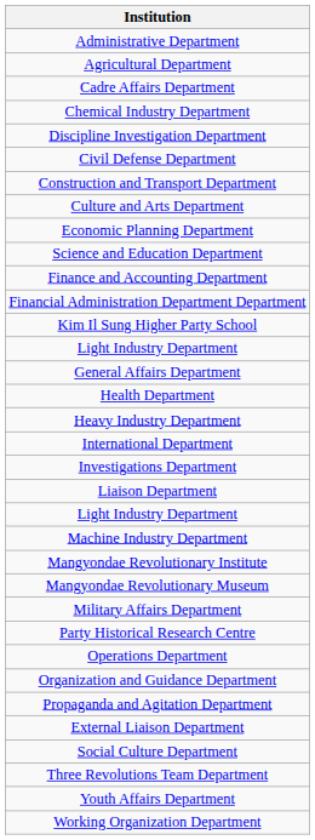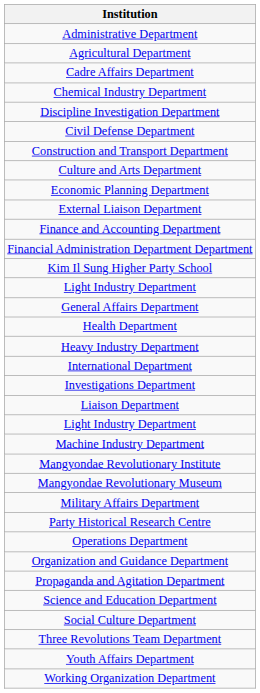 <table align="center" class="wikitable">
 <tr>
 <th>Institution</th>
 </tr>
 <tr>
 <td align="center"><a href='#'>Administrative Department</a></td>
 </tr>
 <tr>
 <td align="center"><a href='#'>Agricultural Department</a></td>
 </tr>
 <tr>
 <td align="center"><a href='#'>Cadre Affairs Department</a></td>
 </tr>
 <tr>
 <td align="center"><a href='#'>Chemical Industry Department</a></td>
 </tr>
 <tr>
 <td align="center"><a href='#'>Discipline Investigation Department</a></td>
 </tr>
 <tr>
 <td align="center"><a href='#'>Civil Defense Department</a></td>
 </tr>
 <tr>
 <td align="center"><a href='#'>Construction and Transport Department</a></td>
 </tr>
 <tr>
 <td align="center"><a href='#'>Culture and Arts Department</a></td>
 </tr>
 <tr>
 <td align="center"><a href='#'>Economic Planning Department</a></td>
 </tr>
 <tr>
-<td align="center"><a href='#'>Science and Education Department</a></td>
+<td align="center"><a href='#'>External Liaison Department</a></td>
 </tr>
 <tr>
 <td align="center"><a href='#'>Finance and Accounting Department</a></td>
 </tr>
 <tr>
 <td align="center"><a href='#'>Financial Administration Department Department</a></td>
 </tr>
 <tr>
 <td align="center"><a href='#'>Kim Il Sung Higher Party School</a></td>
 </tr>
 <tr>
 <td align="center"><a href='#'>Light Industry Department</a></td>
 </tr>
 <tr>
 <td align="center"><a href='#'>General Affairs Department</a></td>
 </tr>
 <tr>
 <td align="center"><a href='#'>Health Department</a></td>
 </tr>
 <tr>
 <td align="center"><a href='#'>Heavy Industry Department</a></td>
 </tr>
 <tr>
 <td align="center"><a href='#'>International Department</a></td>
 </tr>
 <tr>
 <td align="center"><a href='#'>Investigations Department</a></td>
 </tr>
 <tr>
 <td align="center"><a href='#'>Liaison Department</a></td>
 </tr>
 <tr>
 <td align="center"><a href='#'>Light Industry Department</a></td>
 </tr>
 <tr>
 <td align="center"><a href='#'>Machine Industry Department</a></td>
 </tr>
 <tr>
 <td align="center"><a href='#'>Mangyondae Revolutionary Institute</a></td>
 </tr>
 <tr>
 <td align="center"><a href='#'>Mangyondae Revolutionary Museum</a></td>
 </tr>
 <tr>
 <td align="center"><a href='#'>Military Affairs Department</a></td>
 </tr>
 <tr>
 <td align="center"><a href='#'>Party Historical Research Centre</a></td>
 </tr>
 <tr>
 <td align="center"><a href='#'>Operations Department</a></td>
 </tr>
 <tr>
 <td align="center"><a href='#'>Organization and Guidance Department</a></td>
 </tr>
 <tr>
 <td align="center"><a href='#'>Propaganda and Agitation Department</a></td>
 </tr>
 <tr>
-<td align="center"><a href='#'>External Liaison Department</a></td>
+<td align="center"><a href='#'>Science and Education Department</a></td>
 </tr>
 <tr>
 <td align="center"><a href='#'>Social Culture Department</a></td>
 </tr>
 <tr>
 <td align="center"><a href='#'>Three Revolutions Team Department</a></td>
 </tr>
 <tr>
 <td align="center"><a href='#'>Youth Affairs Department</a></td>
 </tr>
 <tr>
 <td align="center"><a href='#'>Working Organization Department</a></td>
 </tr>
 </table>
